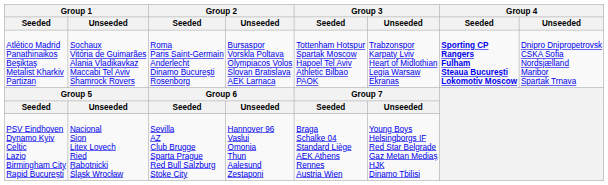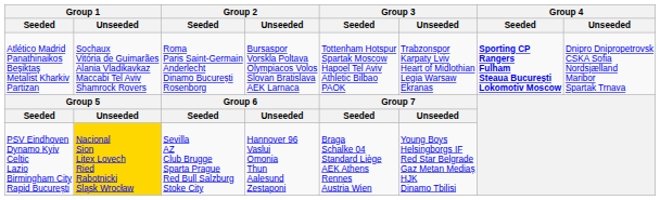 <table class="wikitable" style="font-size:85%;">
 <tr>
 <th colspan=2>Group 1</th>
 <th colspan=2>Group 2</th>
 <th colspan=2>Group 3</th>
 <th colspan=2>Group 4</th>
 </tr>
 <tr>
 <th>Seeded</th>
 <th>Unseeded</th>
 <th>Seeded</th>
 <th>Unseeded</th>
 <th>Seeded</th>
 <th>Unseeded</th>
 <th>Seeded</th>
 <th>Unseeded</th>
 </tr>
 <tr>
 <td valign=top><br> <a href='#'>Atlético Madrid</a> <br>  <a href='#'>Panathinaikos</a><br>  <a href='#'>Beşiktaş</a><br>  <a href='#'>Metalist Kharkiv</a><br>  <a href='#'>Partizan</a></td>
 <td valign=top><br> <a href='#'>Sochaux</a><br>  <a href='#'>Vitória de Guimarães</a><br>  <a href='#'>Alania Vladikavkaz</a><br>  <a href='#'>Maccabi Tel Aviv</a><br>  <a href='#'>Shamrock Rovers</a></td>
 <td valign=top><br> <a href='#'>Roma</a> <br>  <a href='#'>Paris Saint-Germain</a><br>  <a href='#'>Anderlecht</a><br>  <a href='#'>Dinamo București</a><br>  <a href='#'>Rosenborg</a></td>
 <td valign=top><br> <a href='#'>Bursaspor</a><br>  <a href='#'>Vorskla Poltava</a><br>  <a href='#'>Olympiacos Volos</a><br>  <a href='#'>Slovan Bratislava</a><br>  <a href='#'>AEK Larnaca</a></td>
 <td valign=top><br> <a href='#'>Tottenham Hotspur</a><br>  <a href='#'>Spartak Moscow</a><br>  <a href='#'>Hapoel Tel Aviv</a><br>  <a href='#'>Athletic Bilbao</a><br>  <a href='#'>PAOK</a></td>
 <td valign=top><br> <a href='#'>Trabzonspor</a><br>  <a href='#'>Karpaty Lviv</a><br>  <a href='#'>Heart of Midlothian</a><br>  <a href='#'>Legia Warsaw</a><br>  <a href='#'>Ekranas</a></td>
 <td valign=top><strong><br> <a href='#'>Sporting CP</a><br>  <a href='#'>Rangers</a><br>  <a href='#'>Fulham</a><br>  <a href='#'>Steaua București</a><br>  <a href='#'>Lokomotiv Moscow</a></strong></td>
 <td valign=top><br> <a href='#'>Dnipro Dnipropetrovsk</a><br>  <a href='#'>CSKA Sofia</a><br>  <a href='#'>Nordsjælland</a><br>  <a href='#'>Maribor</a><br>  <a href='#'>Spartak Trnava</a></td>
 </tr>
 <tr>
 <th colspan=2>Group 5</th>
 <th colspan=2>Group 6</th>
 <th colspan=2>Group 7</th>
 <th rowspan=3 colspan=2> </th>
 </tr>
 <tr>
 <th>Seeded</th>
 <th>Unseeded</th>
 <th>Seeded</th>
 <th>Unseeded</th>
 <th>Seeded</th>
 <th>Unseeded</th>
 </tr>
 <tr>
 <td valign=top><br> <a href='#'>PSV Eindhoven</a><br>  <a href='#'>Dynamo Kyiv</a><br>  <a href='#'>Celtic</a><br>  <a href='#'>Lazio</a><br>  <a href='#'>Birmingham City</a><br>  <a href='#'>Rapid București</a></td>
-<td valign=top><br> <a href='#'>Nacional</a><br>  <a href='#'>Sion</a><br>  <a href='#'>Litex Lovech</a><br>  <a href='#'>Ried</a><br>  <a href='#'>Rabotnicki</a><br>  <a href='#'>Śląsk Wrocław</a></td>
+<td valign=top style="background: gold;"><br> <a href='#'>Nacional</a><br>  <a href='#'>Sion</a><br>  <a href='#'>Litex Lovech</a><br>  <a href='#'>Ried</a><br>  <a href='#'>Rabotnicki</a><br>  <a href='#'>Śląsk Wrocław</a></td>
 <td valign=top><br> <a href='#'>Sevilla</a><br>  <a href='#'>AZ</a><br>  <a href='#'>Club Brugge</a><br>  <a href='#'>Sparta Prague</a><br>  <a href='#'>Red Bull Salzburg</a><br>  <a href='#'>Stoke City</a></td>
 <td valign=top><br> <a href='#'>Hannover 96</a><br>  <a href='#'>Vaslui</a><br>  <a href='#'>Omonia</a><br>  <a href='#'>Thun</a><br>  <a href='#'>Aalesund</a><br>  <a href='#'>Zestaponi</a></td>
 <td valign=top><br> <a href='#'>Braga</a><br>  <a href='#'>Schalke 04</a><br>  <a href='#'>Standard Liège</a><br>  <a href='#'>AEK Athens</a><br>  <a href='#'>Rennes</a><br>  <a href='#'>Austria Wien</a></td>
 <td valign=top><br> <a href='#'>Young Boys</a><br>  <a href='#'>Helsingborgs IF</a><br>  <a href='#'>Red Star Belgrade</a><br>  <a href='#'>Gaz Metan Mediaș</a><br>  <a href='#'>HJK</a><br>  <a href='#'>Dinamo Tbilisi</a></td>
 </tr>
 </table>
